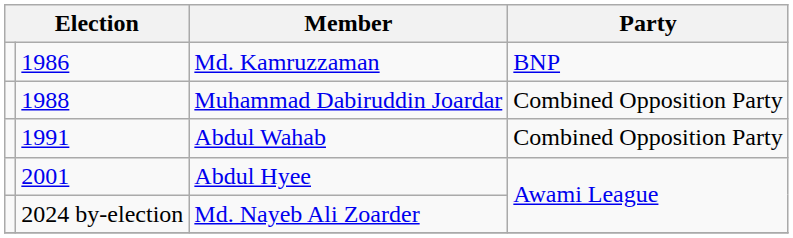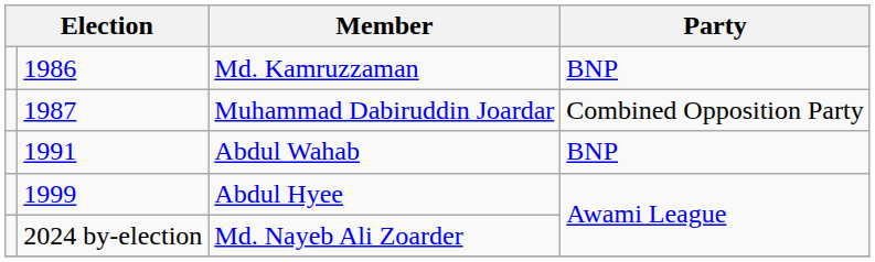 <table class="wikitable">
 <tr>
 <th colspan="2">Election</th>
 <th>Member</th>
 <th>Party</th>
 </tr>
 <tr>
 <td style="background-color:"></td>
 <td><a href='#'>1986</a></td>
 <td><a href='#'>Md. Kamruzzaman</a></td>
 <td><a href='#'>BNP</a></td>
 </tr>
 <tr>
 <td></td>
-<td><a href='#'>1988</a></td>
+<td><a href='#'>1987</a></td>
 <td><a href='#'>Muhammad Dabiruddin Joardar</a></td>
 <td>Combined Opposition Party</td>
 </tr>
 <tr>
 <td style="background-color:"></td>
 <td><a href='#'>1991</a></td>
 <td><a href='#'>Abdul Wahab</a></td>
-<td>Combined Opposition Party</td>
+<td><a href='#'>BNP</a></td>
 </tr>
 <tr>
 <td style="background-color:"></td>
-<td><a href='#'>2001</a></td>
+<td><a href='#'>1999</a></td>
 <td><a href='#'>Abdul Hyee</a></td>
 <td rowspan="2"><a href='#'>Awami League</a></td>
 </tr>
 <tr>
 <td style="background-color:"></td>
 <td>2024 by-election</td>
 <td><a href='#'>Md. Nayeb Ali Zoarder</a></td>
 </tr>
 <tr>
 </tr>
 </table>
